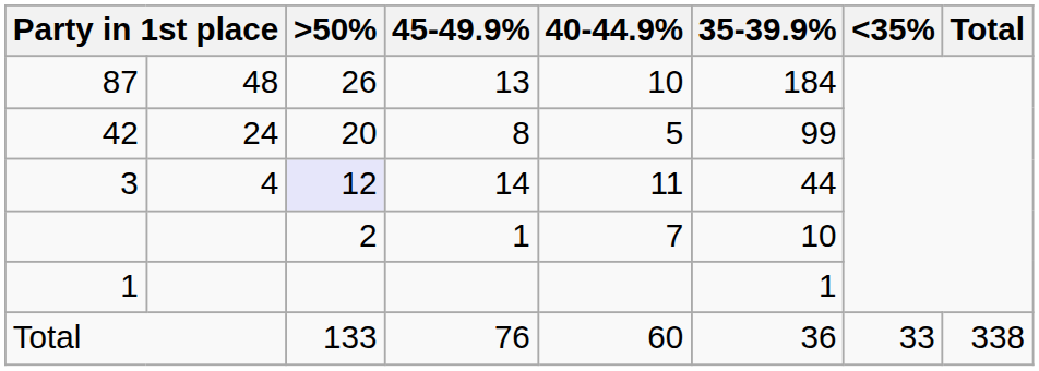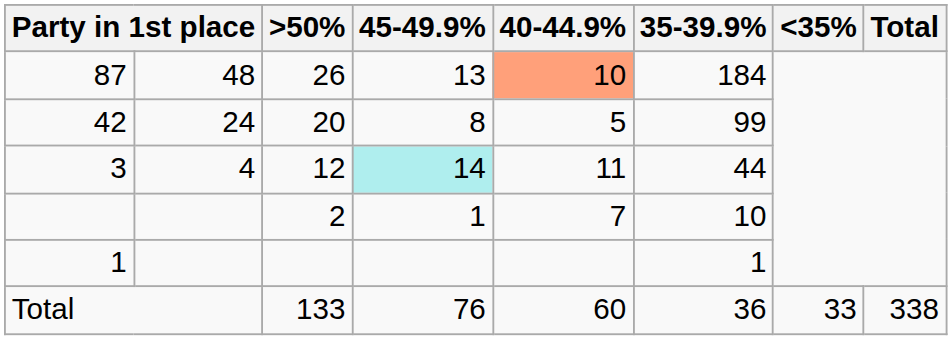 <table class="wikitable" style="text-align:right;">
 <tr>
 <th colspan="2" style="text-align:left;">Party in 1st place</th>
 <th>>50%</th>
 <th>45-49.9%</th>
 <th>40-44.9%</th>
 <th>35-39.9%</th>
 <th><35%</th>
 <th>Total</th>
 </tr>
 <tr>
 <td>87</td>
 <td>48</td>
 <td>26</td>
 <td>13</td>
-<td>10</td>
+<td style="background: lightsalmon;">10</td>
 <td>184</td>
 </tr>
 <tr>
 <td>42</td>
 <td>24</td>
 <td>20</td>
 <td>8</td>
 <td>5</td>
 <td>99</td>
 </tr>
 <tr>
 <td>3</td>
 <td>4</td>
-<td style="background: lavender;">12</td>
-<td>14</td>
+<td>12</td>
+<td style="background: paleturquoise;">14</td>
 <td>11</td>
 <td>44</td>
 </tr>
 <tr>
 <td></td>
 <td></td>
 <td>2</td>
 <td>1</td>
 <td>7</td>
 <td>10</td>
 </tr>
 <tr>
 <td>1</td>
 <td></td>
 <td></td>
 <td></td>
 <td></td>
 <td>1</td>
 </tr>
 <tr>
 <td colspan="2" style="text-align:left;">Total</td>
 <td>133</td>
 <td>76</td>
 <td>60</td>
 <td>36</td>
 <td>33</td>
 <td>338</td>
 </tr>
 </table>
